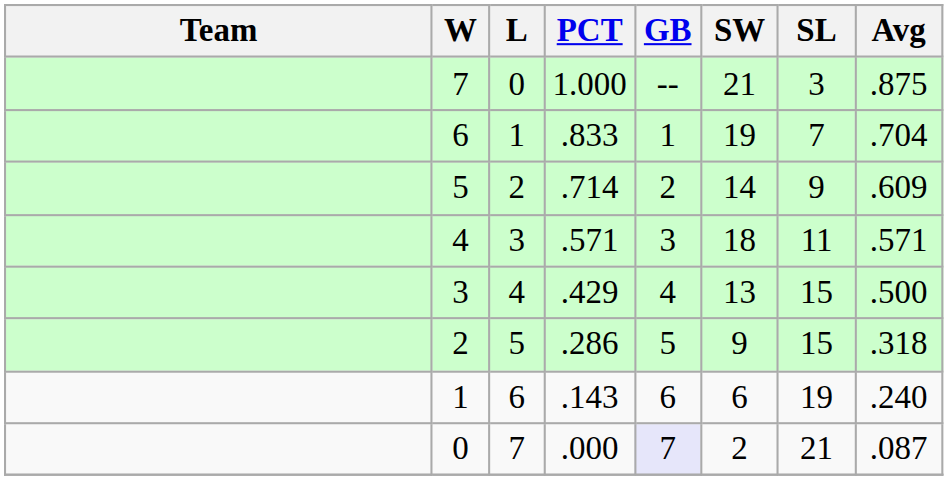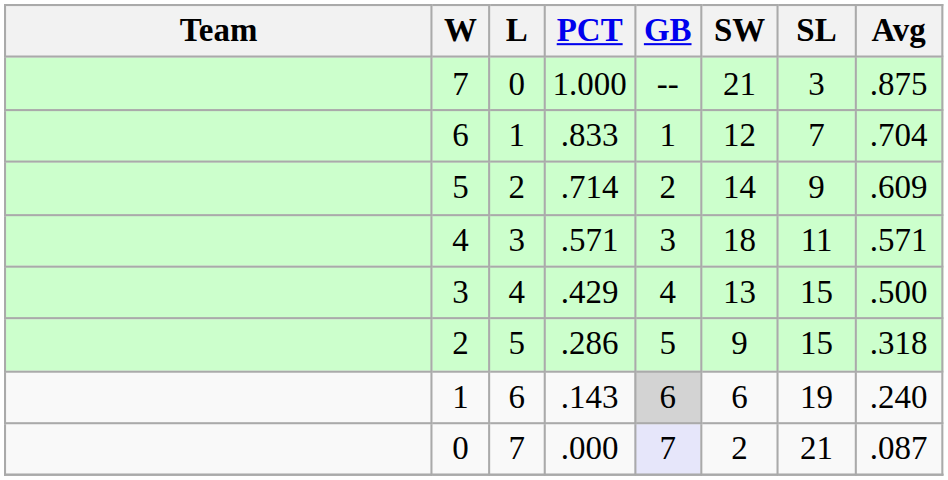 <table class=wikitable style="text-align:center;">
 <tr>
 <th width=200px>Team</th>
 <th width=20px>W</th>
 <th width=20px>L</th>
 <th width=35px><a href='#'>PCT</a></th>
 <th width=25px><a href='#'>GB</a></th>
 <th width=30px>SW</th>
 <th width=30px>SL</th>
 <th width=35px>Avg</th>
 </tr>
 <tr bgcolor="#CCFFCC">
 <td align=left></td>
 <td>7</td>
 <td>0</td>
 <td>1.000</td>
 <td>--</td>
 <td>21</td>
 <td>3</td>
 <td>.875</td>
 </tr>
 <tr bgcolor="#CCFFCC">
 <td align=left></td>
 <td>6</td>
 <td>1</td>
 <td>.833</td>
 <td>1</td>
-<td>19</td>
+<td>12</td>
 <td>7</td>
 <td>.704</td>
 </tr>
 <tr bgcolor="#CCFFCC">
 <td align=left></td>
 <td>5</td>
 <td>2</td>
 <td>.714</td>
 <td>2</td>
 <td>14</td>
 <td>9</td>
 <td>.609</td>
 </tr>
 <tr bgcolor="#CCFFCC">
 <td align=left></td>
 <td>4</td>
 <td>3</td>
 <td>.571</td>
 <td>3</td>
 <td>18</td>
 <td>11</td>
 <td>.571</td>
 </tr>
 <tr bgcolor="#CCFFCC">
 <td align=left></td>
 <td>3</td>
 <td>4</td>
 <td>.429</td>
 <td>4</td>
 <td>13</td>
 <td>15</td>
 <td>.500</td>
 </tr>
 <tr bgcolor="#CCFFCC">
 <td align=left></td>
 <td>2</td>
 <td>5</td>
 <td>.286</td>
 <td>5</td>
 <td>9</td>
 <td>15</td>
 <td>.318</td>
 </tr>
 <tr>
 <td align=left></td>
 <td>1</td>
 <td>6</td>
 <td>.143</td>
-<td>6</td>
+<td style="background: lightgrey;">6</td>
 <td>6</td>
 <td>19</td>
 <td>.240</td>
 </tr>
 <tr>
 <td align=left></td>
 <td>0</td>
 <td>7</td>
 <td>.000</td>
 <td style="background: lavender;">7</td>
 <td>2</td>
 <td>21</td>
 <td>.087</td>
 </tr>
 <tr>
 </tr>
 </table>
